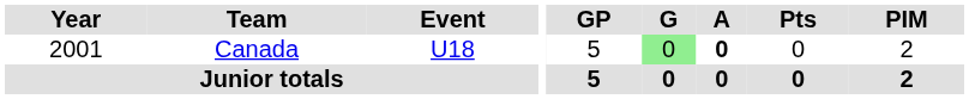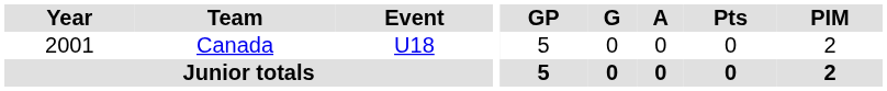 <table border="0" cellpadding="1" cellspacing="0" ID="Table3" style="text-align:center; width:40em">
 <tr ALIGN="center" bgcolor="#e0e0e0">
 <th>Year</th>
 <th>Team</th>
 <th>Event</th>
 <th rowspan="99" bgcolor="#ffffff"></th>
 <th>GP</th>
 <th>G</th>
 <th>A</th>
 <th>Pts</th>
 <th>PIM</th>
 </tr>
 <tr>
 <td>2001</td>
 <td><a href='#'>Canada</a></td>
 <td><a href='#'>U18</a></td>
 <td>5</td>
-<td style="background: lightgreen;">0</td>
-<td><strong>0</strong></td>
+<td>0</td>
+<td>0</td>
 <td>0</td>
 <td>2</td>
 </tr>
 <tr bgcolor="#e0e0e0">
 <th colspan="3">Junior totals</th>
 <th>5</th>
 <th>0</th>
 <th>0</th>
 <th>0</th>
 <th>2</th>
 </tr>
 </table>
